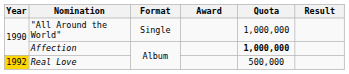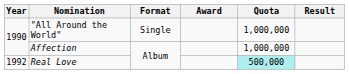 <table class="wikitable" style="text-align:center;">
 <tr>
 <th width="30">Year</th>
 <th width="150">Nomination</th>
 <th width="71">Format</th>
 <th width="82">Award</th>
 <th width="82">Quota</th>
 <th width="70">Result</th>
 </tr>
 <tr>
 <td rowspan="2">1990</td>
 <td align="left">"All Around the World"</td>
 <td>Single</td>
 <td></td>
 <td>1,000,000</td>
 <td></td>
 </tr>
 <tr>
 <td align="left"><em>Affection</em></td>
 <td rowspan="2">Album</td>
 <td></td>
-<td><strong>1,000,000</strong></td>
+<td>1,000,000</td>
 <td></td>
 </tr>
 <tr>
-<td style="background: gold;">1992</td>
+<td>1992</td>
 <td align="left"><em>Real Love</em></td>
 <td></td>
-<td>500,000</td>
+<td style="background: paleturquoise;">500,000</td>
 <td></td>
 </tr>
 </table>
